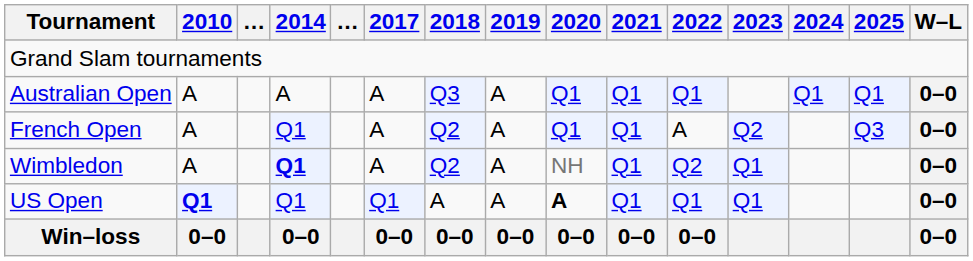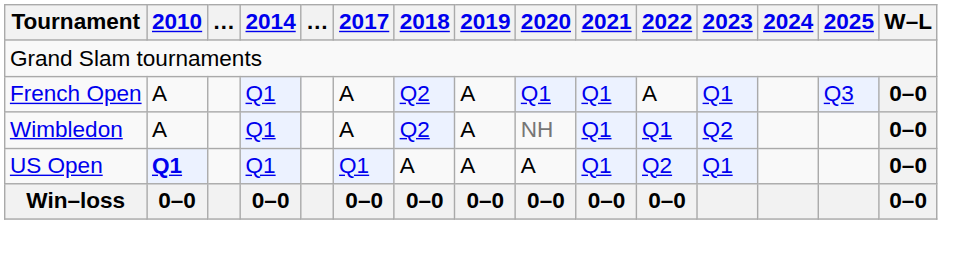 <table class=wikitable style=text–align:center>
 <tr>
 <th>Tournament</th>
 <th><a href='#'>2010</a></th>
 <th>…</th>
 <th><a href='#'>2014</a></th>
 <th>…</th>
 <th><a href='#'>2017</a></th>
 <th><a href='#'>2018</a></th>
 <th><a href='#'>2019</a></th>
 <th><a href='#'>2020</a></th>
 <th><a href='#'>2021</a></th>
 <th><a href='#'>2022</a></th>
 <th><a href='#'>2023</a></th>
 <th><a href='#'>2024</a></th>
 <th><a href='#'>2025</a></th>
 <th>W–L</th>
 </tr>
 <tr>
 <td colspan="15" style="text-align:left">Grand Slam tournaments</td>
 </tr>
 <tr>
-<td align=left><a href='#'>Australian Open</a></td>
-<td>A</td>
-<td></td>
-<td>A</td>
-<td></td>
-<td>A</td>
-<td bgcolor=ecf2ff><a href='#'>Q3</a></td>
-<td>A</td>
-<td bgcolor=ecf2ff><a href='#'>Q1</a></td>
-<td bgcolor=ecf2ff><a href='#'>Q1</a></td>
-<td bgcolor=ecf2ff><a href='#'>Q1</a></td>
-<td></td>
-<td bgcolor=ecf2ff><a href='#'>Q1</a></td>
-<td bgcolor=ecf2ff><a href='#'>Q1</a></td>
-<th>0–0</th>
-</tr>
-<tr>
 <td align=left><a href='#'>French Open</a></td>
 <td>A</td>
 <td></td>
 <td bgcolor=ecf2ff><a href='#'>Q1</a></td>
 <td></td>
 <td>A</td>
 <td bgcolor=ecf2ff><a href='#'>Q2</a></td>
 <td>A</td>
 <td bgcolor=ecf2ff><a href='#'>Q1</a></td>
 <td bgcolor=ecf2ff><a href='#'>Q1</a></td>
 <td>A</td>
-<td bgcolor=ecf2ff><a href='#'>Q2</a></td>
+<td bgcolor=ecf2ff><a href='#'>Q1</a></td>
 <td></td>
 <td bgcolor=ecf2ff><a href='#'>Q3</a></td>
 <th>0–0</th>
 </tr>
 <tr>
 <td align=left><a href='#'>Wimbledon</a></td>
 <td>A</td>
 <td></td>
-<td bgcolor=ecf2ff><strong><a href='#'>Q1</a></strong></td>
+<td bgcolor=ecf2ff><a href='#'>Q1</a></td>
 <td></td>
 <td>A</td>
 <td bgcolor=ecf2ff><a href='#'>Q2</a></td>
 <td>A</td>
 <td style=color:#767676>NH</td>
 <td bgcolor=ecf2ff><a href='#'>Q1</a></td>
+<td bgcolor=ecf2ff><a href='#'>Q1</a></td>
 <td bgcolor=ecf2ff><a href='#'>Q2</a></td>
-<td bgcolor=ecf2ff><a href='#'>Q1</a></td>
 <td></td>
 <td></td>
 <th>0–0</th>
 </tr>
 <tr>
 <td align=left><a href='#'>US Open</a></td>
 <td bgcolor=ecf2ff><strong><a href='#'>Q1</a></strong></td>
 <td></td>
 <td bgcolor=ecf2ff><a href='#'>Q1</a></td>
 <td></td>
 <td bgcolor=ecf2ff><a href='#'>Q1</a></td>
 <td>A</td>
 <td>A</td>
-<td><strong>A</strong></td>
+<td>A</td>
 <td bgcolor=ecf2ff><a href='#'>Q1</a></td>
-<td bgcolor=ecf2ff><a href='#'>Q1</a></td>
+<td bgcolor=ecf2ff><a href='#'>Q2</a></td>
 <td bgcolor=ecf2ff><a href='#'>Q1</a></td>
 <td></td>
 <td></td>
 <th>0–0</th>
 </tr>
 <tr style=font-weight:bold;background:#efefef>
 <th style=text-align:center>Win–loss</th>
 <th>0–0</th>
 <th></th>
 <th>0–0</th>
 <th></th>
 <th>0–0</th>
 <th>0–0</th>
 <th>0–0</th>
 <th>0–0</th>
 <th>0–0</th>
 <th>0–0</th>
 <th></th>
 <th></th>
 <th></th>
 <th>0–0</th>
 </tr>
 </table>
